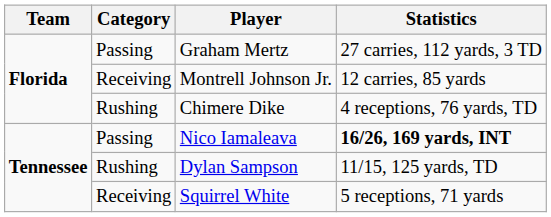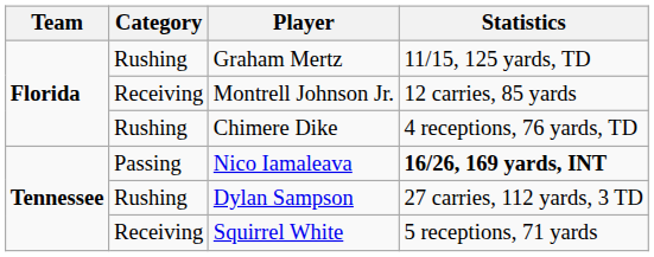 <table class="wikitable" style="float: right;">
 <tr>
 <th>Team</th>
 <th>Category</th>
 <th>Player</th>
 <th>Statistics</th>
 </tr>
 <tr>
 <td rowspan=3><strong>Florida</strong></td>
-<td>Passing</td>
+<td>Rushing</td>
 <td>Graham Mertz</td>
-<td>27 carries, 112 yards, 3 TD</td>
+<td>11/15, 125 yards, TD</td>
 </tr>
 <tr>
 <td>Receiving</td>
 <td>Montrell Johnson Jr.</td>
 <td>12 carries, 85 yards</td>
 </tr>
 <tr>
 <td>Rushing</td>
 <td>Chimere Dike</td>
 <td>4 receptions, 76 yards, TD</td>
 </tr>
 <tr>
 <td rowspan=3><strong>Tennessee</strong></td>
 <td>Passing</td>
 <td><a href='#'>Nico Iamaleava</a></td>
 <td><strong>16/26, 169 yards, INT</strong></td>
 </tr>
 <tr>
 <td>Rushing</td>
 <td><a href='#'>Dylan Sampson</a></td>
-<td>11/15, 125 yards, TD</td>
+<td>27 carries, 112 yards, 3 TD</td>
 </tr>
 <tr>
 <td>Receiving</td>
 <td><a href='#'>Squirrel White</a></td>
 <td>5 receptions, 71 yards</td>
 </tr>
 </table>
